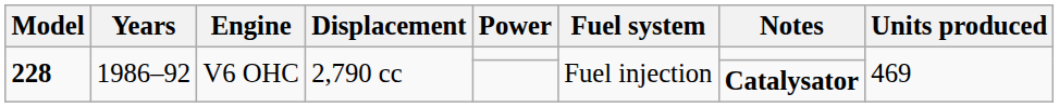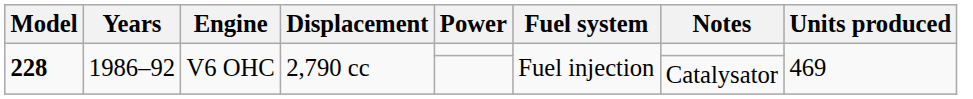 <table class="wikitable">
 <tr>
 <th>Model</th>
 <th>Years</th>
 <th>Engine</th>
 <th>Displacement</th>
 <th>Power</th>
 <th>Fuel system</th>
 <th>Notes</th>
 <th>Units produced</th>
 </tr>
 <tr>
 <td rowspan="2"><strong>228</strong></td>
 <td rowspan="2">1986–92</td>
 <td rowspan="2">V6 OHC</td>
 <td rowspan="2">2,790 cc</td>
 <td></td>
 <td rowspan="2">Fuel injection</td>
 <td></td>
 <td rowspan="2">469</td>
 </tr>
 <tr>
 <td></td>
-<td><strong>Catalysator</strong></td>
+<td>Catalysator</td>
 </tr>
 </table>
